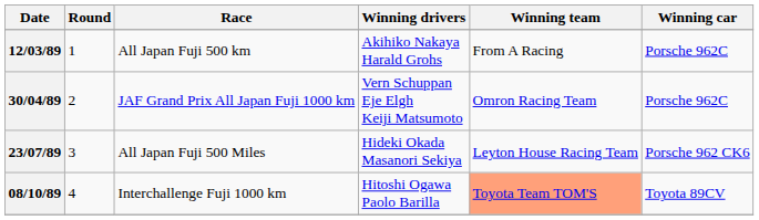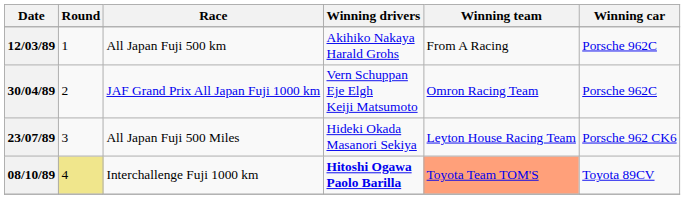 <table class="wikitable" style="font-size: 90%;">
 <tr>
 <th>Date</th>
 <th>Round</th>
 <th>Race</th>
 <th>Winning drivers</th>
 <th>Winning team</th>
 <th>Winning car</th>
 </tr>
 <tr>
 </tr>
 <tr>
 <th>12/03/89</th>
 <td>1</td>
 <td>All Japan Fuji 500 km</td>
 <td> <a href='#'>Akihiko Nakaya</a><br> <a href='#'>Harald Grohs</a></td>
 <td> From A Racing</td>
 <td><a href='#'>Porsche 962C</a></td>
 </tr>
 <tr>
 <th>30/04/89</th>
 <td>2</td>
 <td><a href='#'>JAF Grand Prix All Japan Fuji 1000 km</a></td>
 <td> <a href='#'>Vern Schuppan</a><br> <a href='#'>Eje Elgh</a><br> <a href='#'>Keiji Matsumoto</a></td>
 <td> <a href='#'>Omron Racing Team</a></td>
 <td><a href='#'>Porsche 962C</a></td>
 </tr>
 <tr>
 <th>23/07/89</th>
 <td>3</td>
 <td>All Japan Fuji 500 Miles</td>
 <td> <a href='#'>Hideki Okada</a><br> <a href='#'>Masanori Sekiya</a></td>
 <td> <a href='#'>Leyton House Racing Team</a></td>
 <td><a href='#'>Porsche 962 CK6</a></td>
 </tr>
 <tr>
 <th>08/10/89</th>
-<td>4</td>
+<td style="background: khaki;">4</td>
 <td>Interchallenge Fuji 1000 km</td>
-<td> <a href='#'>Hitoshi Ogawa</a><br> <a href='#'>Paolo Barilla</a></td>
+<td><strong> <a href='#'>Hitoshi Ogawa</a><br> <a href='#'>Paolo Barilla</a></strong></td>
 <td style="background: lightsalmon;"> <a href='#'>Toyota Team TOM'S</a></td>
 <td><a href='#'>Toyota 89CV</a></td>
 </tr>
 <tr>
 </tr>
 </table>
